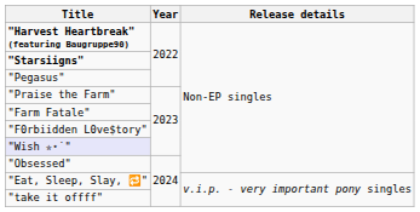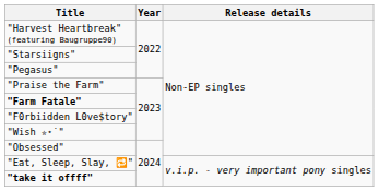 <table class="wikitable">
 <tr>
 <th>Title</th>
 <th>Year</th>
 <th>Release details</th>
 </tr>
 <tr>
-<td><strong>"Harvest Heartbreak"<br><small>(featuring Baugruppe90)</small></strong></td>
+<td>"Harvest Heartbreak"<br><small>(featuring Baugruppe90)</small></td>
 <td rowspan="3">2022</td>
 <td rowspan="8">Non-EP singles</td>
 </tr>
 <tr>
-<td><strong>"Starsiigns"</strong></td>
+<td>"Starsiigns"</td>
 </tr>
 <tr>
 <td>"Pegasus"</td>
 </tr>
 <tr>
 <td>"Praise the Farm"</td>
 <td rowspan="4">2023</td>
 </tr>
 <tr>
-<td>"Farm Fatale"</td>
+<td><strong>"Farm Fatale"</strong></td>
 </tr>
 <tr>
 <td>"F0rbiidden L0ve$tory"</td>
 </tr>
 <tr>
-<td style="background: lavender;">"Wish ✮⋆˙"</td>
+<td>"Wish ✮⋆˙"</td>
 </tr>
 <tr>
 <td>"Obsessed"</td>
 <td rowspan="3">2024</td>
 </tr>
 <tr>
 <td>"Eat, Sleep, Slay, 🔁"</td>
 <td rowspan="2"><em>v.i.p. - very important pony</em> singles</td>
 </tr>
 <tr>
-<td>"take it offff"</td>
+<td><strong>"take it offff"</strong></td>
 </tr>
 </table>
